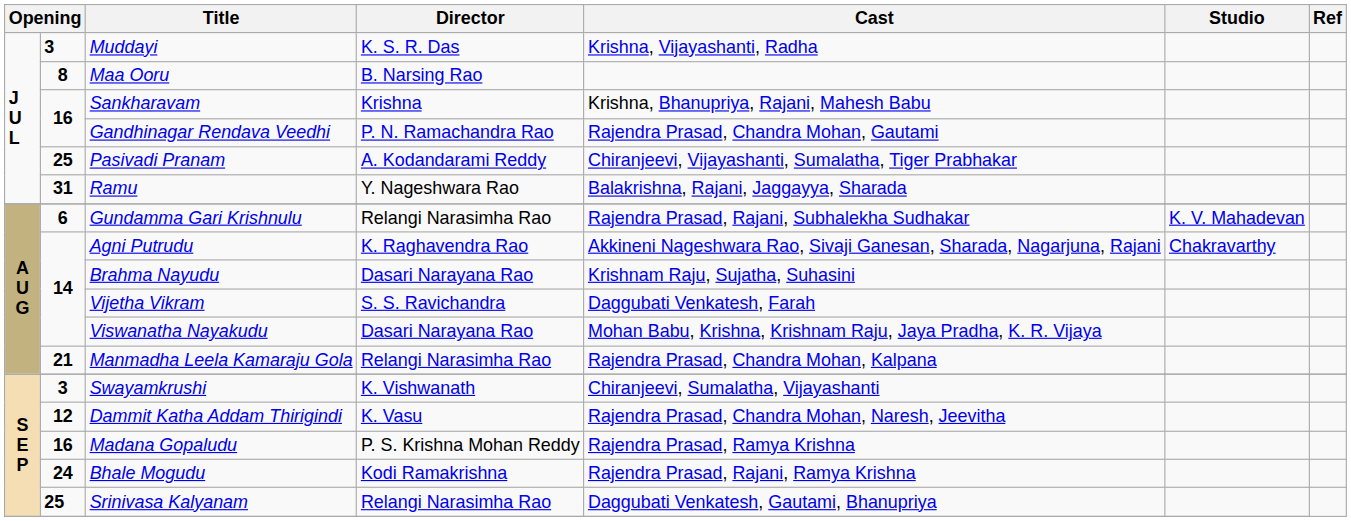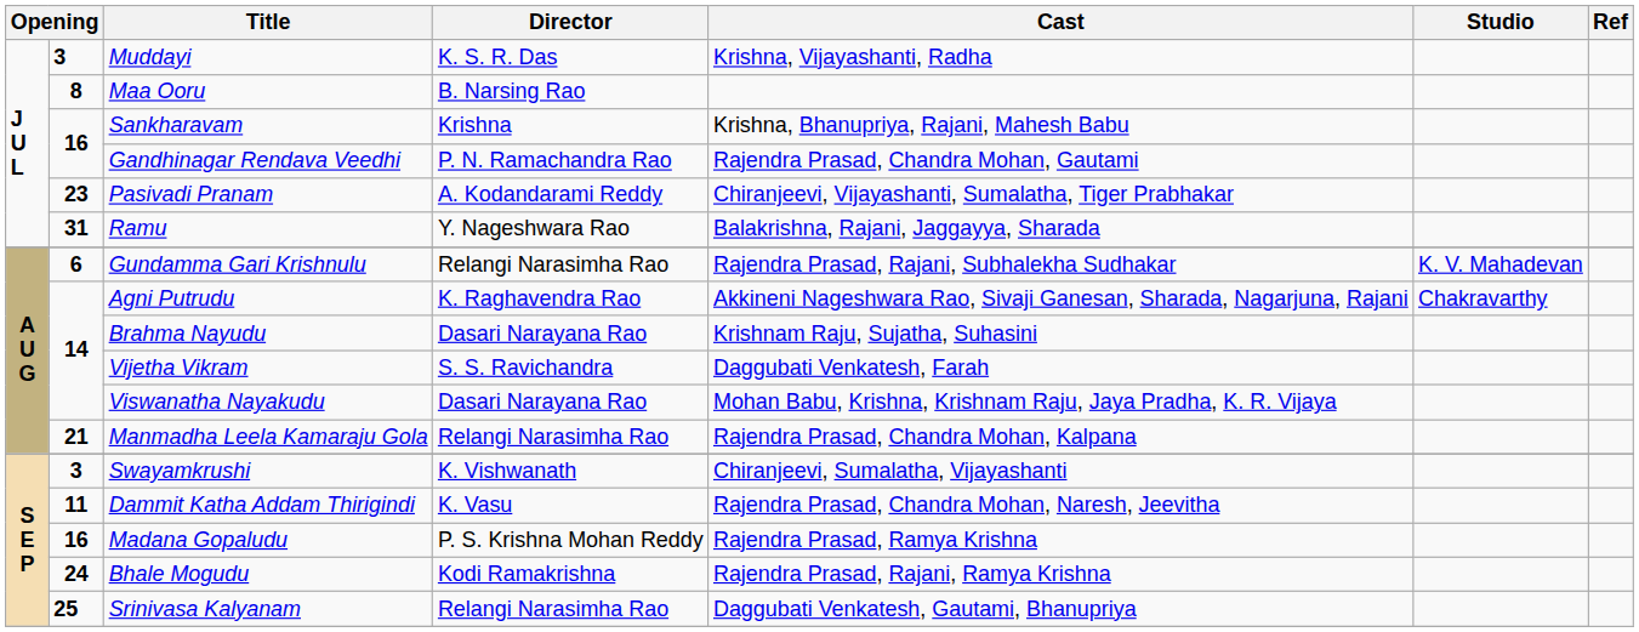 <table class="wikitable">
 <tr>
 <th colspan="2">Opening</th>
 <th>Title</th>
 <th>Director</th>
 <th>Cast</th>
 <th>Studio</th>
 <th>Ref</th>
 </tr>
 <tr>
 <td rowspan="6"><strong>J<br>U<br>L</strong></td>
 <td><strong>3</strong></td>
 <td><em><a href='#'>Muddayi</a></em></td>
 <td><a href='#'>K. S. R. Das</a></td>
 <td><a href='#'>Krishna</a>, <a href='#'>Vijayashanti</a>, <a href='#'>Radha</a></td>
 <td></td>
 <td></td>
 </tr>
 <tr>
 <td rowspan="1" align="center"><strong>8</strong></td>
 <td><em><a href='#'>Maa Ooru</a></em></td>
 <td><a href='#'>B. Narsing Rao</a></td>
 <td></td>
 <td></td>
 <td></td>
 </tr>
 <tr>
 <td rowspan="2" align="center"><strong>16</strong></td>
 <td><em><a href='#'>Sankharavam</a></em></td>
 <td><a href='#'>Krishna</a></td>
 <td>Krishna, <a href='#'>Bhanupriya</a>, <a href='#'>Rajani</a>, <a href='#'>Mahesh Babu</a></td>
 <td></td>
 <td></td>
 </tr>
 <tr>
 <td><em><a href='#'>Gandhinagar Rendava Veedhi</a></em></td>
 <td><a href='#'>P. N. Ramachandra Rao</a></td>
 <td><a href='#'>Rajendra Prasad</a>, <a href='#'>Chandra Mohan</a>, <a href='#'>Gautami</a></td>
 <td></td>
 <td></td>
 </tr>
 <tr>
-<td rowspan="1" align="center"><strong>25</strong></td>
+<td rowspan="1" align="center"><strong>23</strong></td>
 <td><em><a href='#'>Pasivadi Pranam</a></em></td>
 <td><a href='#'>A. Kodandarami Reddy</a></td>
 <td><a href='#'>Chiranjeevi</a>, <a href='#'>Vijayashanti</a>, <a href='#'>Sumalatha</a>, <a href='#'>Tiger Prabhakar</a></td>
 <td></td>
 <td></td>
 </tr>
 <tr>
 <td rowspan="1" align="center"><strong>31</strong></td>
 <td><em><a href='#'>Ramu</a></em></td>
 <td>Y. Nageshwara Rao</td>
 <td><a href='#'>Balakrishna</a>, <a href='#'>Rajani</a>, <a href='#'>Jaggayya</a>, <a href='#'>Sharada</a></td>
 <td></td>
 <td></td>
 </tr>
 <tr>
 </tr>
 <tr August!>
 <td rowspan="6" valign="center" align="center" style="background:#C2B280;"><strong>A<br>U<br>G</strong></td>
 <td rowspan="1" align="center"><strong>6</strong></td>
 <td><em><a href='#'>Gundamma Gari Krishnulu</a></em></td>
 <td>Relangi Narasimha Rao</td>
 <td><a href='#'>Rajendra Prasad</a>, <a href='#'>Rajani</a>, <a href='#'>Subhalekha Sudhakar</a></td>
 <td><a href='#'>K. V. Mahadevan</a></td>
 <td></td>
 </tr>
 <tr>
 <td rowspan="4" align="center"><strong>14</strong></td>
 <td><em><a href='#'>Agni Putrudu</a></em></td>
 <td><a href='#'>K. Raghavendra Rao</a></td>
 <td><a href='#'>Akkineni Nageshwara Rao</a>, <a href='#'>Sivaji Ganesan</a>, <a href='#'>Sharada</a>, <a href='#'>Nagarjuna</a>, <a href='#'>Rajani</a></td>
 <td><a href='#'>Chakravarthy</a></td>
 <td></td>
 </tr>
 <tr>
 <td><em><a href='#'>Brahma Nayudu</a></em></td>
 <td><a href='#'>Dasari Narayana Rao</a></td>
 <td><a href='#'>Krishnam Raju</a>, <a href='#'>Sujatha</a>, <a href='#'>Suhasini</a></td>
 <td></td>
 <td></td>
 </tr>
 <tr>
 <td><em><a href='#'>Vijetha Vikram</a></em></td>
 <td><a href='#'>S. S. Ravichandra</a></td>
 <td><a href='#'>Daggubati Venkatesh</a>, <a href='#'>Farah</a></td>
 <td></td>
 <td></td>
 </tr>
 <tr>
 <td><em><a href='#'>Viswanatha Nayakudu</a></em></td>
 <td><a href='#'>Dasari Narayana Rao</a></td>
 <td><a href='#'>Mohan Babu</a>, <a href='#'>Krishna</a>, <a href='#'>Krishnam Raju</a>, <a href='#'>Jaya Pradha</a>, <a href='#'>K. R. Vijaya</a></td>
 <td></td>
 <td></td>
 </tr>
 <tr>
 <td rowspan="1" align="center"><strong>21</strong></td>
 <td><em><a href='#'>Manmadha Leela Kamaraju Gola</a></em></td>
 <td><a href='#'>Relangi Narasimha Rao</a></td>
 <td><a href='#'>Rajendra Prasad</a>, <a href='#'>Chandra Mohan</a>, <a href='#'>Kalpana</a></td>
 <td></td>
 <td></td>
 </tr>
 <tr>
 </tr>
 <tr September!>
 <td rowspan="5" valign="center" align="center" style="background:#F5DEB3; textcolor:#000;"><strong>S<br>E<br>P</strong></td>
 <td rowspan="1" align="center"><strong>3</strong></td>
 <td><em><a href='#'>Swayamkrushi</a></em></td>
 <td><a href='#'>K. Vishwanath</a></td>
 <td><a href='#'>Chiranjeevi</a>, <a href='#'>Sumalatha</a>, <a href='#'>Vijayashanti</a></td>
 <td></td>
 <td></td>
 </tr>
 <tr>
-<td rowspan="1" align="center"><strong>12</strong></td>
+<td rowspan="1" align="center"><strong>11</strong></td>
 <td><em><a href='#'>Dammit Katha Addam Thirigindi</a></em></td>
 <td><a href='#'>K. Vasu</a></td>
 <td><a href='#'>Rajendra Prasad</a>, <a href='#'>Chandra Mohan</a>, <a href='#'>Naresh</a>, <a href='#'>Jeevitha</a></td>
 <td></td>
 <td></td>
 </tr>
 <tr>
 <td rowspan="1" align="center"><strong>16</strong></td>
 <td><em><a href='#'>Madana Gopaludu</a></em></td>
 <td>P. S. Krishna Mohan Reddy</td>
 <td><a href='#'>Rajendra Prasad</a>, <a href='#'>Ramya Krishna</a></td>
 <td></td>
 <td></td>
 </tr>
 <tr>
 <td rowspan="1" align="center"><strong>24</strong></td>
 <td><em><a href='#'>Bhale Mogudu</a></em></td>
 <td><a href='#'>Kodi Ramakrishna</a></td>
 <td><a href='#'>Rajendra Prasad</a>, <a href='#'>Rajani</a>, <a href='#'>Ramya Krishna</a></td>
 <td></td>
 <td></td>
 </tr>
 <tr>
 <td rowspan="1"><strong>25</strong></td>
 <td><em><a href='#'>Srinivasa Kalyanam</a></em></td>
 <td><a href='#'>Relangi Narasimha Rao</a></td>
 <td><a href='#'>Daggubati Venkatesh</a>, <a href='#'>Gautami</a>, <a href='#'>Bhanupriya</a></td>
 <td></td>
 </tr>
 <tr>
 </tr>
 </table>
